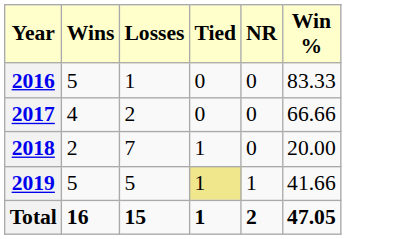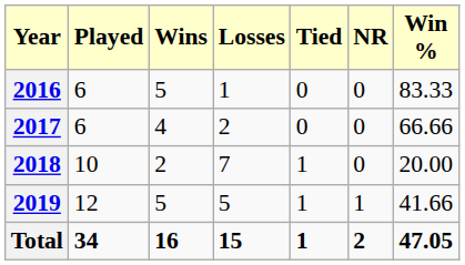 <table class="wikitable" style="width:25%;">
 <tr>
 <th style="background:#ffc;">Year</th>
+<th style="background:#ffc;">Played</th>
 <th style="background:#ffc;">Wins</th>
 <th style="background:#ffc;">Losses</th>
 <th style="background:#ffc;">Tied</th>
 <th style="background:#ffc;">NR</th>
 <th style="background:#ffc;">Win %</th>
 </tr>
 <tr>
 <th><a href='#'>2016</a></th>
+<td>6</td>
 <td>5</td>
 <td>1</td>
 <td>0</td>
 <td>0</td>
 <td>83.33</td>
 </tr>
 <tr>
 <th><a href='#'>2017</a></th>
+<td>6</td>
 <td>4</td>
 <td>2</td>
 <td>0</td>
 <td>0</td>
 <td>66.66</td>
 </tr>
 <tr>
 <th><a href='#'>2018</a></th>
+<td>10</td>
 <td>2</td>
 <td>7</td>
 <td>1</td>
 <td>0</td>
 <td>20.00</td>
 </tr>
 <tr>
 <th><a href='#'>2019</a></th>
+<td>12</td>
 <td>5</td>
 <td>5</td>
-<td style="background: khaki;">1</td>
+<td>1</td>
 <td>1</td>
 <td>41.66</td>
 </tr>
 <tr>
 <th>Total</th>
+<td><strong>34</strong></td>
 <td><strong>16</strong></td>
 <td><strong>15</strong></td>
 <td><strong>1</strong></td>
 <td><strong>2</strong></td>
 <td><strong>47.05</strong></td>
 </tr>
 </table>
